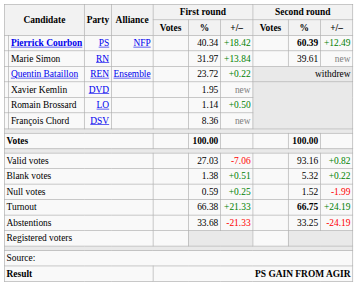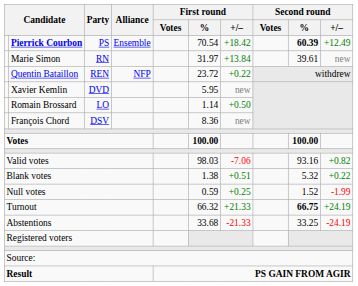 <table class="wikitable" style="text-align:right;font-size:95%;">
 <tr>
 <th rowspan="2" colspan="2">Candidate</th>
 <th colspan="1" rowspan="2">Party</th>
 <th colspan="1" rowspan="2">Alliance</th>
 <th colspan="3">First round</th>
 <th colspan="3">Second round</th>
 </tr>
 <tr>
 <th style="width:50px;">Votes</th>
 <th style="width:45px;">%</th>
 <th style="width:45px;">+/–</th>
 <th style="width:50px;">Votes</th>
 <th style="width:45px;">%</th>
 <th style="width:45px;">+/–</th>
 </tr>
 <tr>
 <td style="color:inherit;background:"></td>
 <td style="text-align:left;"><strong><a href='#'>Pierrick Courbon</a></strong></td>
 <td><a href='#'>PS</a></td>
-<td><a href='#'>NFP</a></td>
+<td><a href='#'>Ensemble</a></td>
 <td></td>
-<td>40.34</td>
+<td>70.54</td>
 <td style="color:green;">+18.42</td>
 <td><strong></strong></td>
 <td><strong>60.39</strong></td>
 <td style="color:green;">+12.49</td>
 </tr>
 <tr>
 <td style="color:inherit;background:"></td>
 <td style="text-align:left;">Marie Simon</td>
 <td><a href='#'>RN</a></td>
 <td></td>
 <td></td>
 <td>31.97</td>
 <td style="color:green;">+13.84</td>
 <td></td>
 <td>39.61</td>
 <td style="color:grey;">new</td>
 </tr>
 <tr>
 <td style="color:inherit;background:"></td>
 <td style="text-align:left;"><a href='#'>Quentin Bataillon</a></td>
 <td><a href='#'>REN</a></td>
-<td><a href='#'>Ensemble</a></td>
+<td><a href='#'>NFP</a></td>
 <td></td>
 <td>23.72</td>
 <td style="color:green;">+0.22</td>
 <td colspan="3" style="background:#E9E9E9;">withdrew</td>
 </tr>
 <tr>
 <td style="color:inherit;background:"></td>
 <td style="text-align:left;">Xavier Kemlin</td>
 <td><a href='#'>DVD</a></td>
 <td></td>
 <td></td>
-<td>1.95</td>
+<td>5.95</td>
 <td style="color:grey;">new</td>
 <td colspan="3" rowspan="3" style="background:#E9E9E9;"></td>
 </tr>
 <tr>
 <td style="color:inherit;background:"></td>
 <td style="text-align:left;">Romain Brossard</td>
 <td><a href='#'>LO</a></td>
 <td></td>
 <td></td>
 <td>1.14</td>
 <td style="color:green;">+0.50</td>
 </tr>
 <tr>
 <td style="color:inherit;background:"></td>
 <td style="text-align:left;">François Chord</td>
 <td><a href='#'>DSV</a></td>
 <td></td>
 <td></td>
 <td>8.36</td>
 <td style="color:grey;">new</td>
 </tr>
 <tr>
 <td colspan="10" style="background:#E9E9E9;"></td>
 </tr>
 <tr style="font-weight:bold;">
 <td colspan="4" style="text-align:left;">Votes</td>
 <td></td>
 <td>100.00</td>
 <td></td>
 <td></td>
 <td>100.00</td>
 <td></td>
 </tr>
 <tr>
 <td colspan="10" style="background:#E9E9E9;"></td>
 </tr>
 <tr>
 <td colspan="4" style="text-align:left;">Valid votes</td>
 <td></td>
-<td>27.03</td>
+<td>98.03</td>
 <td style="color:red;">-7.06</td>
 <td></td>
 <td>93.16</td>
 <td style="color:green;">+0.82</td>
 </tr>
 <tr>
 <td colspan="4" style="text-align:left;">Blank votes</td>
 <td></td>
 <td>1.38</td>
 <td style="color:green;">+0.51</td>
 <td></td>
 <td>5.32</td>
 <td style="color:green;">+0.22</td>
 </tr>
 <tr>
 <td colspan="4" style="text-align:left;">Null votes</td>
 <td></td>
 <td>0.59</td>
 <td style="color:green;">+0.25</td>
 <td></td>
 <td>1.52</td>
 <td style="color:red;">-1.99</td>
 </tr>
 <tr>
 <td colspan="4" style="text-align:left;">Turnout</td>
 <td></td>
-<td>66.38</td>
+<td>66.32</td>
 <td style="color:green;">+21.33</td>
 <td></td>
 <td><strong>66.75</strong></td>
 <td style="color:green;">+24.19</td>
 </tr>
 <tr>
 <td colspan="4" style="text-align:left;">Abstentions</td>
 <td></td>
 <td>33.68</td>
 <td style="color:red;">-21.33</td>
 <td></td>
 <td>33.25</td>
 <td style="color:red;">-24.19</td>
 </tr>
 <tr>
 <td colspan="4" style="text-align:left;">Registered voters</td>
 <td></td>
 <td colspan="2" style="background:#E9E9E9;"></td>
 <td></td>
 <td colspan="2" style="background:#E9E9E9;"></td>
 </tr>
 <tr>
 <td colspan="10" style="background:#E9E9E9;"></td>
 </tr>
 <tr>
 <td colspan="10" style="text-align:left;">Source: </td>
 </tr>
 <tr style="font-weight:bold">
 <td colspan="4" style="text-align:left;">Result</td>
 <td colspan="6" style="background-color:">PS GAIN FROM AGIR</td>
 </tr>
 </table>
